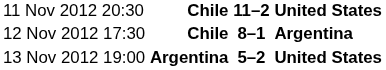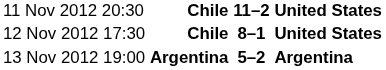 <table style="font-size:90%; margin: 0 auto;">
 <tr>
 <td>11 Nov 2012 20:30</td>
 <td align="right"><strong>Chile</strong> </td>
 <td align="center"><strong>11–2</strong></td>
 <td> <strong>United States</strong></td>
 </tr>
 <tr>
 <td>12 Nov 2012 17:30</td>
 <td align="right"><strong>Chile</strong> </td>
 <td align="center"><strong>8–1</strong></td>
-<td> <strong>Argentina</strong></td>
+<td> <strong>United States</strong></td>
 </tr>
 <tr>
 <td>13 Nov 2012 19:00</td>
 <td align="right"><strong>Argentina</strong> </td>
 <td align="center"><strong>5–2</strong></td>
-<td> <strong>United States</strong></td>
+<td> <strong>Argentina</strong></td>
 </tr>
 <tr>
 </tr>
 </table>
